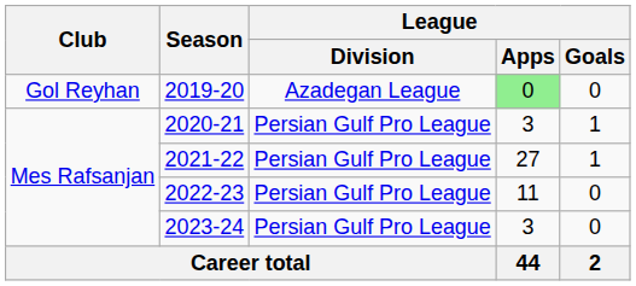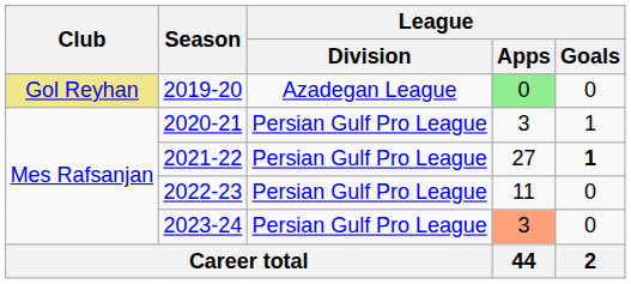 <table class="wikitable" style="text-align: center">
 <tr>
 <th rowspan="2">Club</th>
 <th rowspan="2">Season</th>
 <th colspan="3">League</th>
 </tr>
 <tr>
 <th>Division</th>
 <th>Apps</th>
 <th>Goals</th>
 </tr>
 <tr>
-<td><a href='#'>Gol Reyhan</a></td>
+<td style="background: khaki;"><a href='#'>Gol Reyhan</a></td>
 <td><a href='#'>2019-20</a></td>
 <td><a href='#'>Azadegan League</a></td>
 <td style="background: lightgreen;">0</td>
 <td>0</td>
 </tr>
 <tr>
 <td rowspan="4"><a href='#'>Mes Rafsanjan</a></td>
 <td><a href='#'>2020-21</a></td>
 <td><a href='#'>Persian Gulf Pro League</a></td>
 <td>3</td>
 <td>1</td>
 </tr>
 <tr>
 <td><a href='#'>2021-22</a></td>
 <td><a href='#'>Persian Gulf Pro League</a></td>
 <td>27</td>
-<td>1</td>
+<td><strong>1</strong></td>
 </tr>
 <tr>
 <td><a href='#'>2022-23</a></td>
 <td><a href='#'>Persian Gulf Pro League</a></td>
 <td>11</td>
 <td>0</td>
 </tr>
 <tr>
 <td><a href='#'>2023-24</a></td>
 <td><a href='#'>Persian Gulf Pro League</a></td>
-<td>3</td>
+<td style="background: lightsalmon;">3</td>
 <td>0</td>
 </tr>
 <tr>
 <th colspan="3">Career total</th>
 <th>44</th>
 <th>2</th>
 </tr>
 </table>
